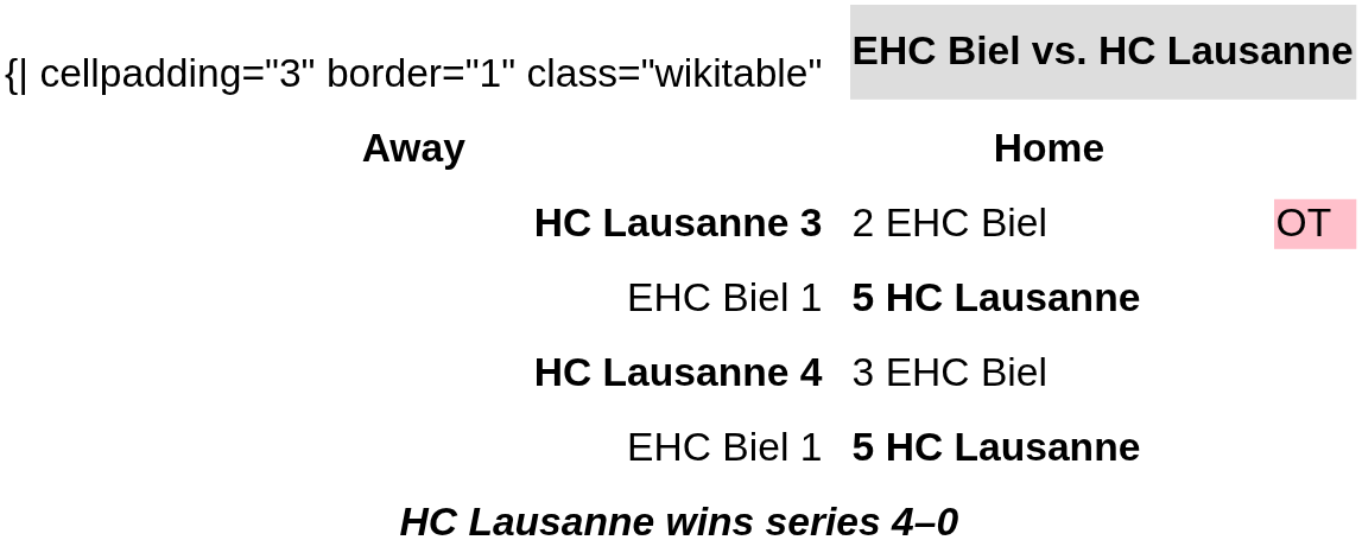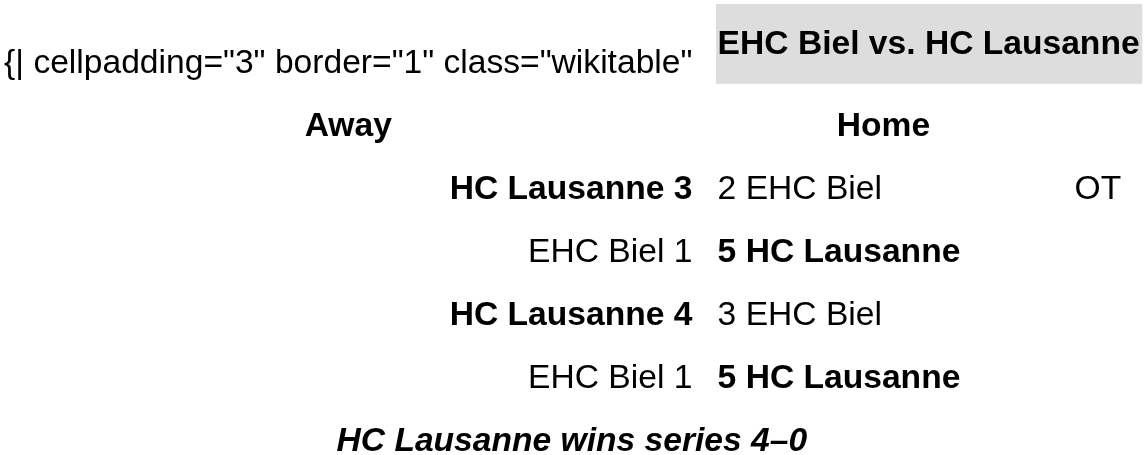 <table cellspacing="10">
 <tr>
 <td valign="top"><br>	{| cellpadding="3" border="1"  class="wikitable"</td>
 <th bgcolor="#DDDDDD" colspan="4">EHC Biel vs. HC Lausanne</th>
 </tr>
 <tr>
 <th>Away</th>
 <th>Home</th>
 </tr>
 <tr>
 <td align = "right"><strong>HC Lausanne 3</strong></td>
 <td>2 EHC Biel</td>
-<td style="background: pink;">OT</td>
+<td>OT</td>
 </tr>
 <tr>
 <td align = "right">EHC Biel 1</td>
 <td><strong>5 HC Lausanne</strong></td>
 <td> </td>
 </tr>
 <tr>
 <td align = "right"><strong>HC Lausanne 4</strong></td>
 <td>3 EHC Biel</td>
 <td> </td>
 </tr>
 <tr>
 <td align = "right">EHC Biel 1</td>
 <td><strong>5 HC Lausanne</strong></td>
 <td> </td>
 </tr>
 <tr align="center">
 <td colspan="4"><strong><em>HC Lausanne wins series 4–0</em></strong></td>
 </tr>
 </table>
